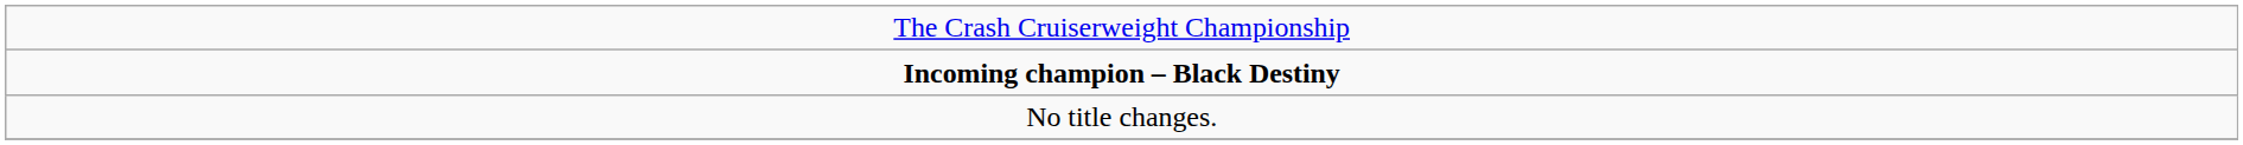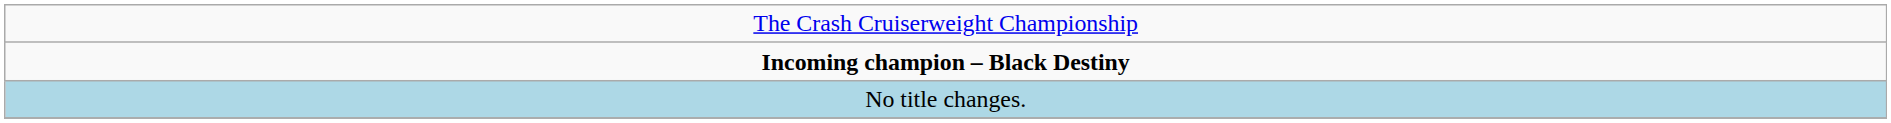 <table class="wikitable" style="text-align:center; width:100%;">
 <tr>
 <td colspan="5" style="text-align: center;"><a href='#'>The Crash Cruiserweight Championship</a></td>
 </tr>
 <tr>
 <td colspan="5" style="text-align: center;"><strong>Incoming champion – Black Destiny</strong></td>
 </tr>
 <tr>
-<td>No title changes.</td>
+<td style="background: lightblue;">No title changes.</td>
 </tr>
 <tr>
 </tr>
 </table>
